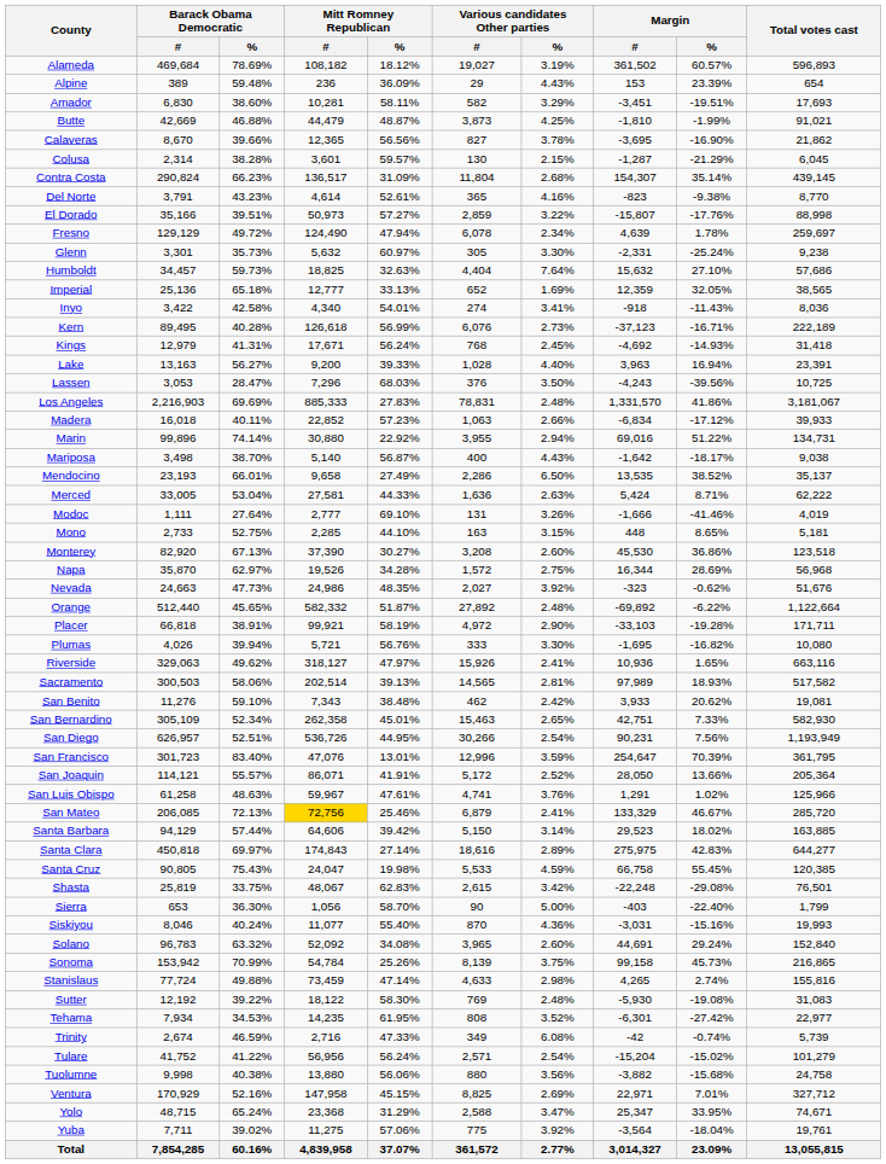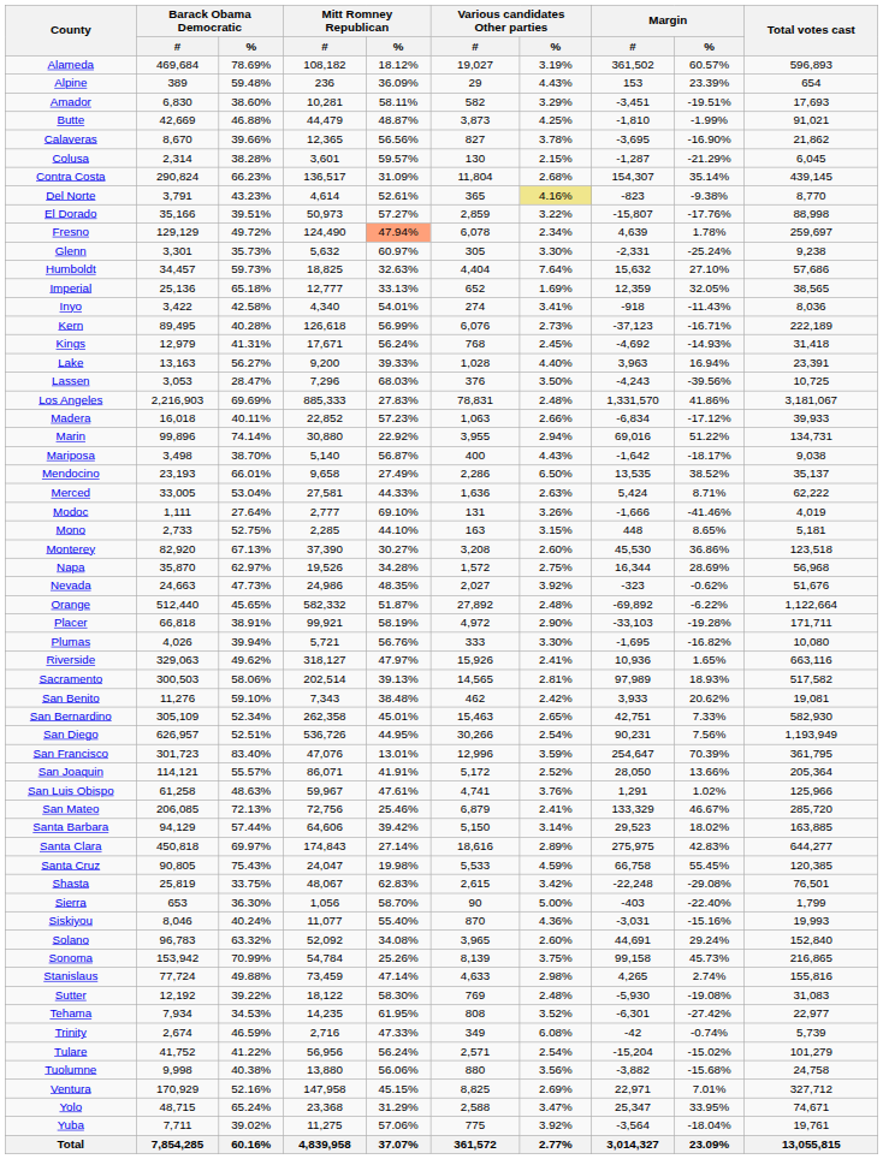 <table width="60%"  class="wikitable sortable" style="text-align:center">
 <tr>
 <th style="text-align:center;" rowspan="2">County</th>
 <th style="text-align:center;" colspan="2">Barack Obama<br>Democratic</th>
 <th style="text-align:center;" colspan="2">Mitt Romney<br>Republican</th>
 <th style="text-align:center;" colspan="2">Various candidates<br>Other parties</th>
 <th style="text-align:center;" colspan="2">Margin</th>
 <th style="text-align:center;" rowspan="2">Total votes cast</th>
 </tr>
 <tr>
 <th style="text-align:center;" data-sort-type="number">#</th>
 <th style="text-align:center;" data-sort-type="number">%</th>
 <th style="text-align:center;" data-sort-type="number">#</th>
 <th style="text-align:center;" data-sort-type="number">%</th>
 <th style="text-align:center;" data-sort-type="number">#</th>
 <th style="text-align:center;" data-sort-type="number">%</th>
 <th style="text-align:center;" data-sort-type="number">#</th>
 <th style="text-align:center;" data-sort-type="number">%</th>
 </tr>
 <tr style="text-align:center;">
 <td><a href='#'>Alameda</a></td>
 <td>469,684</td>
 <td>78.69%</td>
 <td>108,182</td>
 <td>18.12%</td>
 <td>19,027</td>
 <td>3.19%</td>
 <td>361,502</td>
 <td>60.57%</td>
 <td>596,893</td>
 </tr>
 <tr style="text-align:center;">
 <td><a href='#'>Alpine</a></td>
 <td>389</td>
 <td>59.48%</td>
 <td>236</td>
 <td>36.09%</td>
 <td>29</td>
 <td>4.43%</td>
 <td>153</td>
 <td>23.39%</td>
 <td>654</td>
 </tr>
 <tr style="text-align:center;">
 <td><a href='#'>Amador</a></td>
 <td>6,830</td>
 <td>38.60%</td>
 <td>10,281</td>
 <td>58.11%</td>
 <td>582</td>
 <td>3.29%</td>
 <td>-3,451</td>
 <td>-19.51%</td>
 <td>17,693</td>
 </tr>
 <tr style="text-align:center;">
 <td><a href='#'>Butte</a></td>
 <td>42,669</td>
 <td>46.88%</td>
 <td>44,479</td>
 <td>48.87%</td>
 <td>3,873</td>
 <td>4.25%</td>
 <td>-1,810</td>
 <td>-1.99%</td>
 <td>91,021</td>
 </tr>
 <tr style="text-align:center;">
 <td><a href='#'>Calaveras</a></td>
 <td>8,670</td>
 <td>39.66%</td>
 <td>12,365</td>
 <td>56.56%</td>
 <td>827</td>
 <td>3.78%</td>
 <td>-3,695</td>
 <td>-16.90%</td>
 <td>21,862</td>
 </tr>
 <tr style="text-align:center;">
 <td><a href='#'>Colusa</a></td>
 <td>2,314</td>
 <td>38.28%</td>
 <td>3,601</td>
 <td>59.57%</td>
 <td>130</td>
 <td>2.15%</td>
 <td>-1,287</td>
 <td>-21.29%</td>
 <td>6,045</td>
 </tr>
 <tr style="text-align:center;">
 <td><a href='#'>Contra Costa</a></td>
 <td>290,824</td>
 <td>66.23%</td>
 <td>136,517</td>
 <td>31.09%</td>
 <td>11,804</td>
 <td>2.68%</td>
 <td>154,307</td>
 <td>35.14%</td>
 <td>439,145</td>
 </tr>
 <tr style="text-align:center;">
 <td><a href='#'>Del Norte</a></td>
 <td>3,791</td>
 <td>43.23%</td>
 <td>4,614</td>
 <td>52.61%</td>
 <td>365</td>
-<td>4.16%</td>
+<td style="background: khaki;">4.16%</td>
 <td>-823</td>
 <td>-9.38%</td>
 <td>8,770</td>
 </tr>
 <tr style="text-align:center;">
 <td><a href='#'>El Dorado</a></td>
 <td>35,166</td>
 <td>39.51%</td>
 <td>50,973</td>
 <td>57.27%</td>
 <td>2,859</td>
 <td>3.22%</td>
 <td>-15,807</td>
 <td>-17.76%</td>
 <td>88,998</td>
 </tr>
 <tr style="text-align:center;">
 <td><a href='#'>Fresno</a></td>
 <td>129,129</td>
 <td>49.72%</td>
 <td>124,490</td>
-<td>47.94%</td>
+<td style="background: lightsalmon;">47.94%</td>
 <td>6,078</td>
 <td>2.34%</td>
 <td>4,639</td>
 <td>1.78%</td>
 <td>259,697</td>
 </tr>
 <tr style="text-align:center;">
 <td><a href='#'>Glenn</a></td>
 <td>3,301</td>
 <td>35.73%</td>
 <td>5,632</td>
 <td>60.97%</td>
 <td>305</td>
 <td>3.30%</td>
 <td>-2,331</td>
 <td>-25.24%</td>
 <td>9,238</td>
 </tr>
 <tr style="text-align:center;">
 <td><a href='#'>Humboldt</a></td>
 <td>34,457</td>
 <td>59.73%</td>
 <td>18,825</td>
 <td>32.63%</td>
 <td>4,404</td>
 <td>7.64%</td>
 <td>15,632</td>
 <td>27.10%</td>
 <td>57,686</td>
 </tr>
 <tr style="text-align:center;">
 <td><a href='#'>Imperial</a></td>
 <td>25,136</td>
 <td>65.18%</td>
 <td>12,777</td>
 <td>33.13%</td>
 <td>652</td>
 <td>1.69%</td>
 <td>12,359</td>
 <td>32.05%</td>
 <td>38,565</td>
 </tr>
 <tr style="text-align:center;">
 <td><a href='#'>Inyo</a></td>
 <td>3,422</td>
 <td>42.58%</td>
 <td>4,340</td>
 <td>54.01%</td>
 <td>274</td>
 <td>3.41%</td>
 <td>-918</td>
 <td>-11.43%</td>
 <td>8,036</td>
 </tr>
 <tr style="text-align:center;">
 <td><a href='#'>Kern</a></td>
 <td>89,495</td>
 <td>40.28%</td>
 <td>126,618</td>
 <td>56.99%</td>
 <td>6,076</td>
 <td>2.73%</td>
 <td>-37,123</td>
 <td>-16.71%</td>
 <td>222,189</td>
 </tr>
 <tr style="text-align:center;">
 <td><a href='#'>Kings</a></td>
 <td>12,979</td>
 <td>41.31%</td>
 <td>17,671</td>
 <td>56.24%</td>
 <td>768</td>
 <td>2.45%</td>
 <td>-4,692</td>
 <td>-14.93%</td>
 <td>31,418</td>
 </tr>
 <tr style="text-align:center;">
 <td><a href='#'>Lake</a></td>
 <td>13,163</td>
 <td>56.27%</td>
 <td>9,200</td>
 <td>39.33%</td>
 <td>1,028</td>
 <td>4.40%</td>
 <td>3,963</td>
 <td>16.94%</td>
 <td>23,391</td>
 </tr>
 <tr style="text-align:center;">
 <td><a href='#'>Lassen</a></td>
 <td>3,053</td>
 <td>28.47%</td>
 <td>7,296</td>
 <td>68.03%</td>
 <td>376</td>
 <td>3.50%</td>
 <td>-4,243</td>
 <td>-39.56%</td>
 <td>10,725</td>
 </tr>
 <tr style="text-align:center;">
 <td><a href='#'>Los Angeles</a></td>
 <td>2,216,903</td>
 <td>69.69%</td>
 <td>885,333</td>
 <td>27.83%</td>
 <td>78,831</td>
 <td>2.48%</td>
 <td>1,331,570</td>
 <td>41.86%</td>
 <td>3,181,067</td>
 </tr>
 <tr style="text-align:center;">
 <td><a href='#'>Madera</a></td>
 <td>16,018</td>
 <td>40.11%</td>
 <td>22,852</td>
 <td>57.23%</td>
 <td>1,063</td>
 <td>2.66%</td>
 <td>-6,834</td>
 <td>-17.12%</td>
 <td>39,933</td>
 </tr>
 <tr style="text-align:center;">
 <td><a href='#'>Marin</a></td>
 <td>99,896</td>
 <td>74.14%</td>
 <td>30,880</td>
 <td>22.92%</td>
 <td>3,955</td>
 <td>2.94%</td>
 <td>69,016</td>
 <td>51.22%</td>
 <td>134,731</td>
 </tr>
 <tr style="text-align:center;">
 <td><a href='#'>Mariposa</a></td>
 <td>3,498</td>
 <td>38.70%</td>
 <td>5,140</td>
 <td>56.87%</td>
 <td>400</td>
 <td>4.43%</td>
 <td>-1,642</td>
 <td>-18.17%</td>
 <td>9,038</td>
 </tr>
 <tr style="text-align:center;">
 <td><a href='#'>Mendocino</a></td>
 <td>23,193</td>
 <td>66.01%</td>
 <td>9,658</td>
 <td>27.49%</td>
 <td>2,286</td>
 <td>6.50%</td>
 <td>13,535</td>
 <td>38.52%</td>
 <td>35,137</td>
 </tr>
 <tr style="text-align:center;">
 <td><a href='#'>Merced</a></td>
 <td>33,005</td>
 <td>53.04%</td>
 <td>27,581</td>
 <td>44.33%</td>
 <td>1,636</td>
 <td>2.63%</td>
 <td>5,424</td>
 <td>8.71%</td>
 <td>62,222</td>
 </tr>
 <tr style="text-align:center;">
 <td><a href='#'>Modoc</a></td>
 <td>1,111</td>
 <td>27.64%</td>
 <td>2,777</td>
 <td>69.10%</td>
 <td>131</td>
 <td>3.26%</td>
 <td>-1,666</td>
 <td>-41.46%</td>
 <td>4,019</td>
 </tr>
 <tr style="text-align:center;">
 <td><a href='#'>Mono</a></td>
 <td>2,733</td>
 <td>52.75%</td>
 <td>2,285</td>
 <td>44.10%</td>
 <td>163</td>
 <td>3.15%</td>
 <td>448</td>
 <td>8.65%</td>
 <td>5,181</td>
 </tr>
 <tr style="text-align:center;">
 <td><a href='#'>Monterey</a></td>
 <td>82,920</td>
 <td>67.13%</td>
 <td>37,390</td>
 <td>30.27%</td>
 <td>3,208</td>
 <td>2.60%</td>
 <td>45,530</td>
 <td>36.86%</td>
 <td>123,518</td>
 </tr>
 <tr style="text-align:center;">
 <td><a href='#'>Napa</a></td>
 <td>35,870</td>
 <td>62.97%</td>
 <td>19,526</td>
 <td>34.28%</td>
 <td>1,572</td>
 <td>2.75%</td>
 <td>16,344</td>
 <td>28.69%</td>
 <td>56,968</td>
 </tr>
 <tr style="text-align:center;">
 <td><a href='#'>Nevada</a></td>
 <td>24,663</td>
 <td>47.73%</td>
 <td>24,986</td>
 <td>48.35%</td>
 <td>2,027</td>
 <td>3.92%</td>
 <td>-323</td>
 <td>-0.62%</td>
 <td>51,676</td>
 </tr>
 <tr style="text-align:center;">
 <td><a href='#'>Orange</a></td>
 <td>512,440</td>
 <td>45.65%</td>
 <td>582,332</td>
 <td>51.87%</td>
 <td>27,892</td>
 <td>2.48%</td>
 <td>-69,892</td>
 <td>-6.22%</td>
 <td>1,122,664</td>
 </tr>
 <tr style="text-align:center;">
 <td><a href='#'>Placer</a></td>
 <td>66,818</td>
 <td>38.91%</td>
 <td>99,921</td>
 <td>58.19%</td>
 <td>4,972</td>
 <td>2.90%</td>
 <td>-33,103</td>
 <td>-19.28%</td>
 <td>171,711</td>
 </tr>
 <tr style="text-align:center;">
 <td><a href='#'>Plumas</a></td>
 <td>4,026</td>
 <td>39.94%</td>
 <td>5,721</td>
 <td>56.76%</td>
 <td>333</td>
 <td>3.30%</td>
 <td>-1,695</td>
 <td>-16.82%</td>
 <td>10,080</td>
 </tr>
 <tr style="text-align:center;">
 <td><a href='#'>Riverside</a></td>
 <td>329,063</td>
 <td>49.62%</td>
 <td>318,127</td>
 <td>47.97%</td>
 <td>15,926</td>
 <td>2.41%</td>
 <td>10,936</td>
 <td>1.65%</td>
 <td>663,116</td>
 </tr>
 <tr style="text-align:center;">
 <td><a href='#'>Sacramento</a></td>
 <td>300,503</td>
 <td>58.06%</td>
 <td>202,514</td>
 <td>39.13%</td>
 <td>14,565</td>
 <td>2.81%</td>
 <td>97,989</td>
 <td>18.93%</td>
 <td>517,582</td>
 </tr>
 <tr style="text-align:center;">
 <td><a href='#'>San Benito</a></td>
 <td>11,276</td>
 <td>59.10%</td>
 <td>7,343</td>
 <td>38.48%</td>
 <td>462</td>
 <td>2.42%</td>
 <td>3,933</td>
 <td>20.62%</td>
 <td>19,081</td>
 </tr>
 <tr style="text-align:center;">
 <td><a href='#'>San Bernardino</a></td>
 <td>305,109</td>
 <td>52.34%</td>
 <td>262,358</td>
 <td>45.01%</td>
 <td>15,463</td>
 <td>2.65%</td>
 <td>42,751</td>
 <td>7.33%</td>
 <td>582,930</td>
 </tr>
 <tr style="text-align:center;">
 <td><a href='#'>San Diego</a></td>
 <td>626,957</td>
 <td>52.51%</td>
 <td>536,726</td>
 <td>44.95%</td>
 <td>30,266</td>
 <td>2.54%</td>
 <td>90,231</td>
 <td>7.56%</td>
 <td>1,193,949</td>
 </tr>
 <tr style="text-align:center;">
 <td><a href='#'>San Francisco</a></td>
 <td>301,723</td>
 <td>83.40%</td>
 <td>47,076</td>
 <td>13.01%</td>
 <td>12,996</td>
 <td>3.59%</td>
 <td>254,647</td>
 <td>70.39%</td>
 <td>361,795</td>
 </tr>
 <tr style="text-align:center;">
 <td><a href='#'>San Joaquin</a></td>
 <td>114,121</td>
 <td>55.57%</td>
 <td>86,071</td>
 <td>41.91%</td>
 <td>5,172</td>
 <td>2.52%</td>
 <td>28,050</td>
 <td>13.66%</td>
 <td>205,364</td>
 </tr>
 <tr style="text-align:center;">
 <td><a href='#'>San Luis Obispo</a></td>
 <td>61,258</td>
 <td>48.63%</td>
 <td>59,967</td>
 <td>47.61%</td>
 <td>4,741</td>
 <td>3.76%</td>
 <td>1,291</td>
 <td>1.02%</td>
 <td>125,966</td>
 </tr>
 <tr style="text-align:center;">
 <td><a href='#'>San Mateo</a></td>
 <td>206,085</td>
 <td>72.13%</td>
-<td style="background: gold;">72,756</td>
+<td>72,756</td>
 <td>25.46%</td>
 <td>6,879</td>
 <td>2.41%</td>
 <td>133,329</td>
 <td>46.67%</td>
 <td>285,720</td>
 </tr>
 <tr style="text-align:center;">
 <td><a href='#'>Santa Barbara</a></td>
 <td>94,129</td>
 <td>57.44%</td>
 <td>64,606</td>
 <td>39.42%</td>
 <td>5,150</td>
 <td>3.14%</td>
 <td>29,523</td>
 <td>18.02%</td>
 <td>163,885</td>
 </tr>
 <tr style="text-align:center;">
 <td><a href='#'>Santa Clara</a></td>
 <td>450,818</td>
 <td>69.97%</td>
 <td>174,843</td>
 <td>27.14%</td>
 <td>18,616</td>
 <td>2.89%</td>
 <td>275,975</td>
 <td>42.83%</td>
 <td>644,277</td>
 </tr>
 <tr style="text-align:center;">
 <td><a href='#'>Santa Cruz</a></td>
 <td>90,805</td>
 <td>75.43%</td>
 <td>24,047</td>
 <td>19.98%</td>
 <td>5,533</td>
 <td>4.59%</td>
 <td>66,758</td>
 <td>55.45%</td>
 <td>120,385</td>
 </tr>
 <tr style="text-align:center;">
 <td><a href='#'>Shasta</a></td>
 <td>25,819</td>
 <td>33.75%</td>
 <td>48,067</td>
 <td>62.83%</td>
 <td>2,615</td>
 <td>3.42%</td>
 <td>-22,248</td>
 <td>-29.08%</td>
 <td>76,501</td>
 </tr>
 <tr style="text-align:center;">
 <td><a href='#'>Sierra</a></td>
 <td>653</td>
 <td>36.30%</td>
 <td>1,056</td>
 <td>58.70%</td>
 <td>90</td>
 <td>5.00%</td>
 <td>-403</td>
 <td>-22.40%</td>
 <td>1,799</td>
 </tr>
 <tr style="text-align:center;">
 <td><a href='#'>Siskiyou</a></td>
 <td>8,046</td>
 <td>40.24%</td>
 <td>11,077</td>
 <td>55.40%</td>
 <td>870</td>
 <td>4.36%</td>
 <td>-3,031</td>
 <td>-15.16%</td>
 <td>19,993</td>
 </tr>
 <tr style="text-align:center;">
 <td><a href='#'>Solano</a></td>
 <td>96,783</td>
 <td>63.32%</td>
 <td>52,092</td>
 <td>34.08%</td>
 <td>3,965</td>
 <td>2.60%</td>
 <td>44,691</td>
 <td>29.24%</td>
 <td>152,840</td>
 </tr>
 <tr style="text-align:center;">
 <td><a href='#'>Sonoma</a></td>
 <td>153,942</td>
 <td>70.99%</td>
 <td>54,784</td>
 <td>25.26%</td>
 <td>8,139</td>
 <td>3.75%</td>
 <td>99,158</td>
 <td>45.73%</td>
 <td>216,865</td>
 </tr>
 <tr style="text-align:center;">
 <td><a href='#'>Stanislaus</a></td>
 <td>77,724</td>
 <td>49.88%</td>
 <td>73,459</td>
 <td>47.14%</td>
 <td>4,633</td>
 <td>2.98%</td>
 <td>4,265</td>
 <td>2.74%</td>
 <td>155,816</td>
 </tr>
 <tr style="text-align:center;">
 <td><a href='#'>Sutter</a></td>
 <td>12,192</td>
 <td>39.22%</td>
 <td>18,122</td>
 <td>58.30%</td>
 <td>769</td>
 <td>2.48%</td>
 <td>-5,930</td>
 <td>-19.08%</td>
 <td>31,083</td>
 </tr>
 <tr style="text-align:center;">
 <td><a href='#'>Tehama</a></td>
 <td>7,934</td>
 <td>34.53%</td>
 <td>14,235</td>
 <td>61.95%</td>
 <td>808</td>
 <td>3.52%</td>
 <td>-6,301</td>
 <td>-27.42%</td>
 <td>22,977</td>
 </tr>
 <tr style="text-align:center;">
 <td><a href='#'>Trinity</a></td>
 <td>2,674</td>
 <td>46.59%</td>
 <td>2,716</td>
 <td>47.33%</td>
 <td>349</td>
 <td>6.08%</td>
 <td>-42</td>
 <td>-0.74%</td>
 <td>5,739</td>
 </tr>
 <tr style="text-align:center;">
 <td><a href='#'>Tulare</a></td>
 <td>41,752</td>
 <td>41.22%</td>
 <td>56,956</td>
 <td>56.24%</td>
 <td>2,571</td>
 <td>2.54%</td>
 <td>-15,204</td>
 <td>-15.02%</td>
 <td>101,279</td>
 </tr>
 <tr style="text-align:center;">
 <td><a href='#'>Tuolumne</a></td>
 <td>9,998</td>
 <td>40.38%</td>
 <td>13,880</td>
 <td>56.06%</td>
 <td>880</td>
 <td>3.56%</td>
 <td>-3,882</td>
 <td>-15.68%</td>
 <td>24,758</td>
 </tr>
 <tr style="text-align:center;">
 <td><a href='#'>Ventura</a></td>
 <td>170,929</td>
 <td>52.16%</td>
 <td>147,958</td>
 <td>45.15%</td>
 <td>8,825</td>
 <td>2.69%</td>
 <td>22,971</td>
 <td>7.01%</td>
 <td>327,712</td>
 </tr>
 <tr style="text-align:center;">
 <td><a href='#'>Yolo</a></td>
 <td>48,715</td>
 <td>65.24%</td>
 <td>23,368</td>
 <td>31.29%</td>
 <td>2,588</td>
 <td>3.47%</td>
 <td>25,347</td>
 <td>33.95%</td>
 <td>74,671</td>
 </tr>
 <tr style="text-align:center;">
 <td><a href='#'>Yuba</a></td>
 <td>7,711</td>
 <td>39.02%</td>
 <td>11,275</td>
 <td>57.06%</td>
 <td>775</td>
 <td>3.92%</td>
 <td>-3,564</td>
 <td>-18.04%</td>
 <td>19,761</td>
 </tr>
 <tr>
 <th>Total</th>
 <th>7,854,285</th>
 <th>60.16%</th>
 <th>4,839,958</th>
 <th>37.07%</th>
 <th>361,572</th>
 <th>2.77%</th>
 <th>3,014,327</th>
 <th>23.09%</th>
 <th>13,055,815</th>
 </tr>
 </table>
